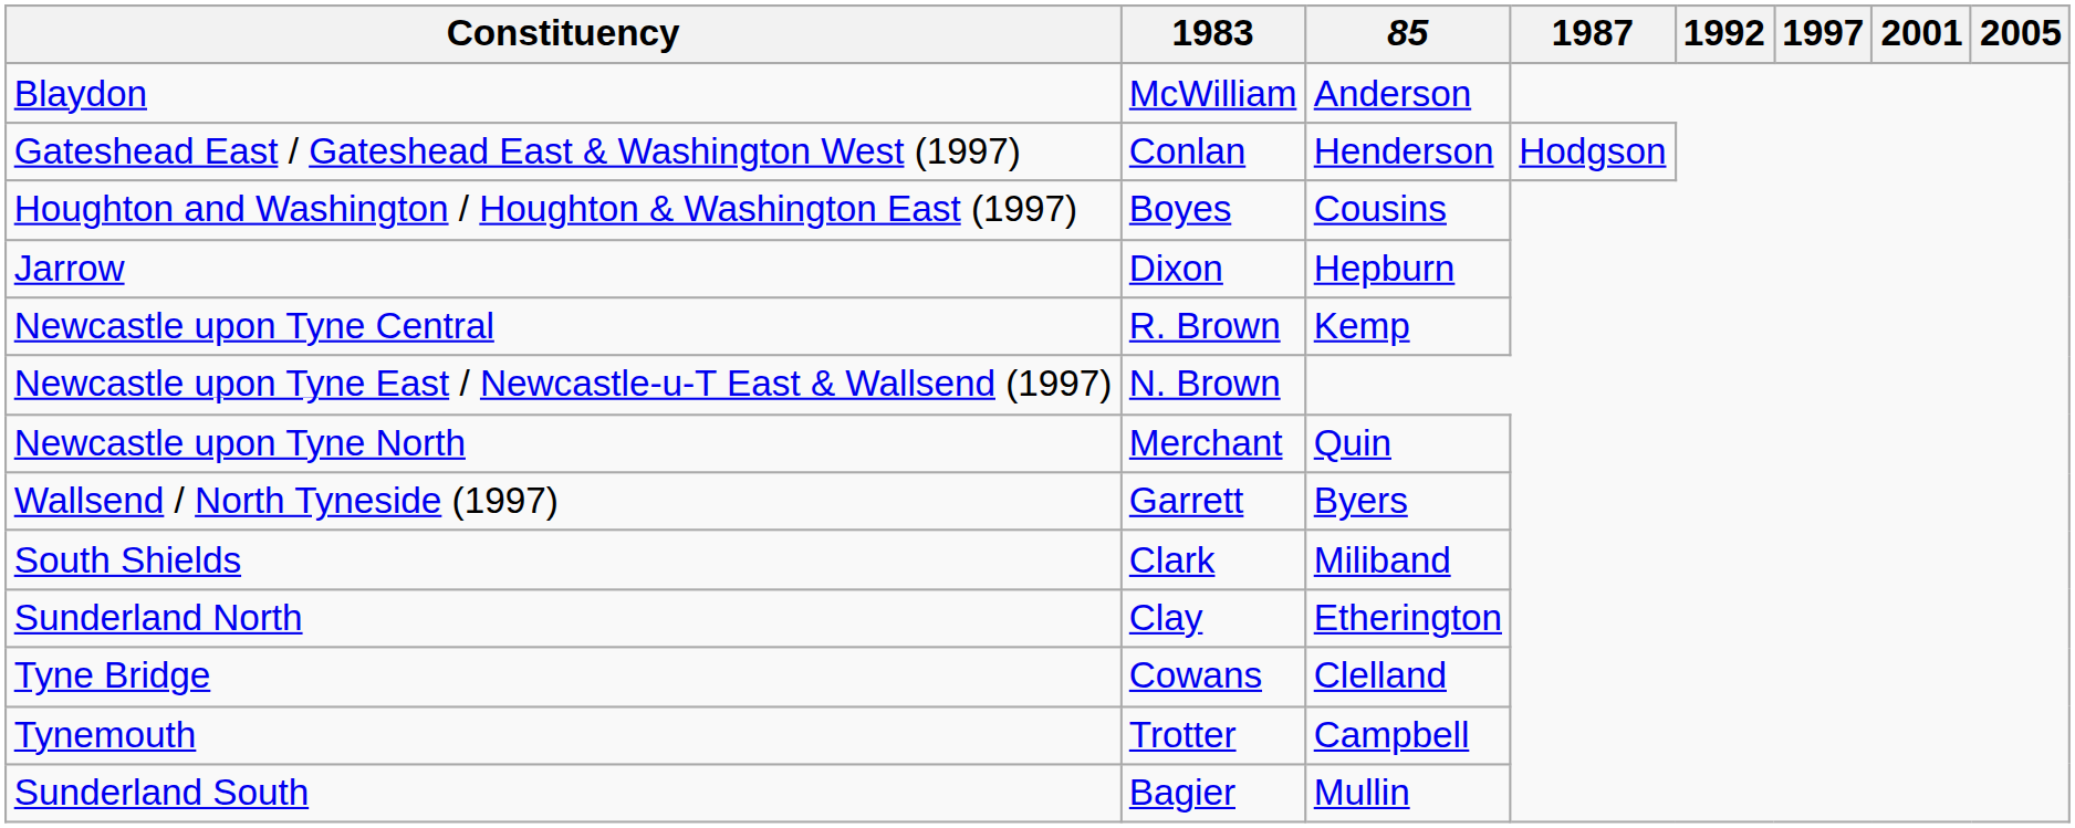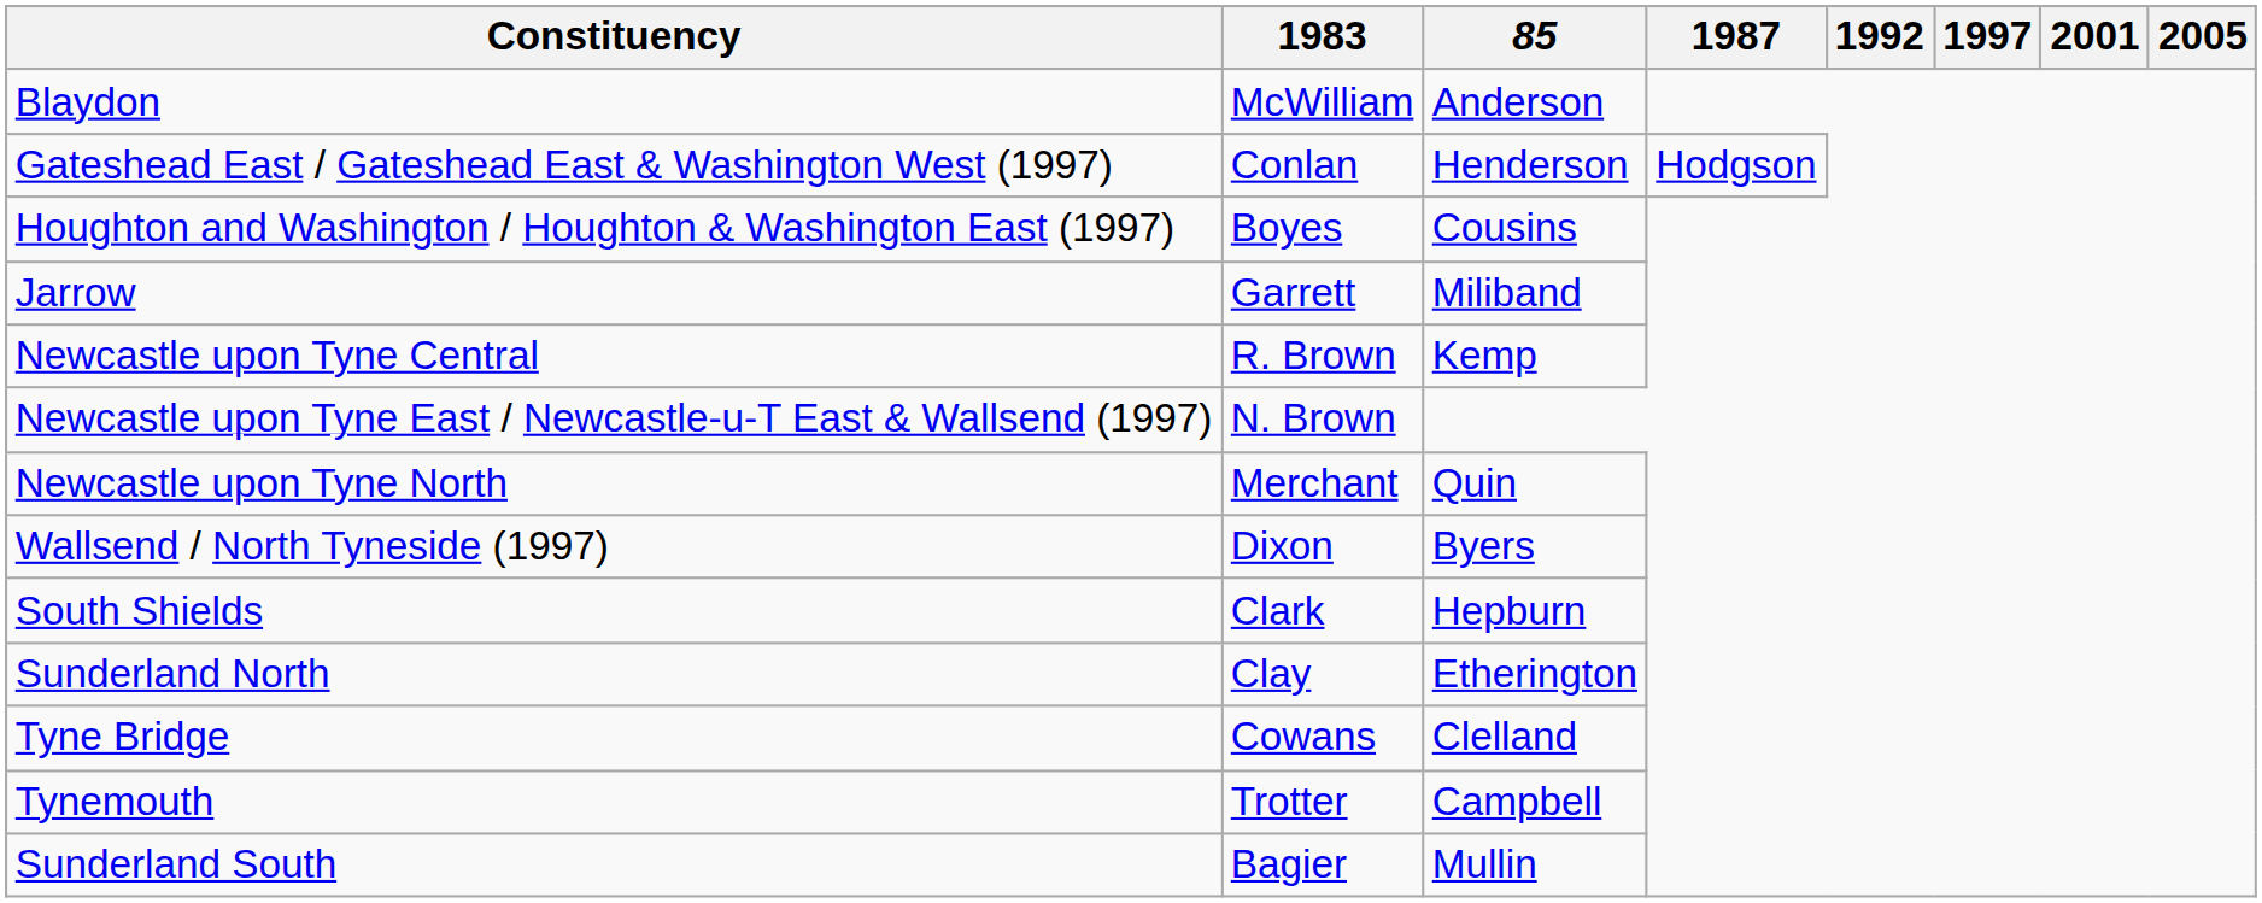 <table class="wikitable">
 <tr>
 <th>Constituency</th>
 <th>1983</th>
 <th><em>85</em></th>
 <th>1987</th>
 <th>1992</th>
 <th>1997</th>
 <th>2001</th>
 <th>2005</th>
 </tr>
 <tr>
 <td><a href='#'>Blaydon</a></td>
 <td><a href='#'>McWilliam</a></td>
 <td><a href='#'>Anderson</a></td>
 </tr>
 <tr>
 <td><a href='#'>Gateshead East</a> / <a href='#'>Gateshead East & Washington West</a> (1997)</td>
 <td><a href='#'>Conlan</a></td>
 <td><a href='#'>Henderson</a></td>
 <td><a href='#'>Hodgson</a></td>
 </tr>
 <tr>
 <td><a href='#'>Houghton and Washington</a> / <a href='#'>Houghton & Washington East</a> (1997)</td>
 <td><a href='#'>Boyes</a></td>
 <td><a href='#'>Cousins</a></td>
 </tr>
 <tr>
 <td><a href='#'>Jarrow</a></td>
-<td><a href='#'>Dixon</a></td>
-<td><a href='#'>Hepburn</a></td>
+<td><a href='#'>Garrett</a></td>
+<td><a href='#'>Miliband</a></td>
 </tr>
 <tr>
 <td><a href='#'>Newcastle upon Tyne Central</a></td>
 <td><a href='#'>R. Brown</a></td>
 <td><a href='#'>Kemp</a></td>
 </tr>
 <tr>
 <td><a href='#'>Newcastle upon Tyne East</a> / <a href='#'>Newcastle-u-T East & Wallsend</a> (1997)</td>
 <td><a href='#'>N. Brown</a></td>
 </tr>
 <tr>
 <td><a href='#'>Newcastle upon Tyne North</a></td>
 <td><a href='#'>Merchant</a></td>
 <td><a href='#'>Quin</a></td>
 </tr>
 <tr>
 <td><a href='#'>Wallsend</a> / <a href='#'>North Tyneside</a> (1997)</td>
-<td><a href='#'>Garrett</a></td>
+<td><a href='#'>Dixon</a></td>
 <td><a href='#'>Byers</a></td>
 </tr>
 <tr>
 <td><a href='#'>South Shields</a></td>
 <td><a href='#'>Clark</a></td>
-<td><a href='#'>Miliband</a></td>
+<td><a href='#'>Hepburn</a></td>
 </tr>
 <tr>
 <td><a href='#'>Sunderland North</a></td>
 <td><a href='#'>Clay</a></td>
 <td><a href='#'>Etherington</a></td>
 </tr>
 <tr>
 <td><a href='#'>Tyne Bridge</a></td>
 <td><a href='#'>Cowans</a></td>
 <td><a href='#'>Clelland</a></td>
 </tr>
 <tr>
 <td><a href='#'>Tynemouth</a></td>
 <td><a href='#'>Trotter</a></td>
 <td><a href='#'>Campbell</a></td>
 </tr>
 <tr>
 <td><a href='#'>Sunderland South</a></td>
 <td><a href='#'>Bagier</a></td>
 <td><a href='#'>Mullin</a></td>
 </tr>
 </table>
